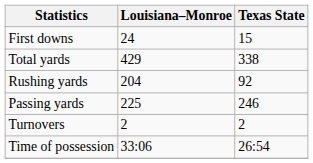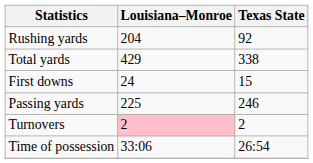 <table class="wikitable" style="float: right;">
 <tr>
 <th>Statistics</th>
 <th>Louisiana–Monroe</th>
 <th>Texas State</th>
 </tr>
 <tr>
-<td>First downs</td>
-<td>24</td>
-<td>15</td>
+<td>Rushing yards</td>
+<td>204</td>
+<td>92</td>
 </tr>
 <tr>
 <td>Total yards</td>
 <td>429</td>
 <td>338</td>
 </tr>
 <tr>
-<td>Rushing yards</td>
-<td>204</td>
-<td>92</td>
+<td>First downs</td>
+<td>24</td>
+<td>15</td>
 </tr>
 <tr>
 <td>Passing yards</td>
 <td>225</td>
 <td>246</td>
 </tr>
 <tr>
 <td>Turnovers</td>
-<td>2</td>
+<td style="background: pink;">2</td>
 <td>2</td>
 </tr>
 <tr>
 <td>Time of possession</td>
 <td>33:06</td>
 <td>26:54</td>
 </tr>
 <tr>
 </tr>
 </table>
